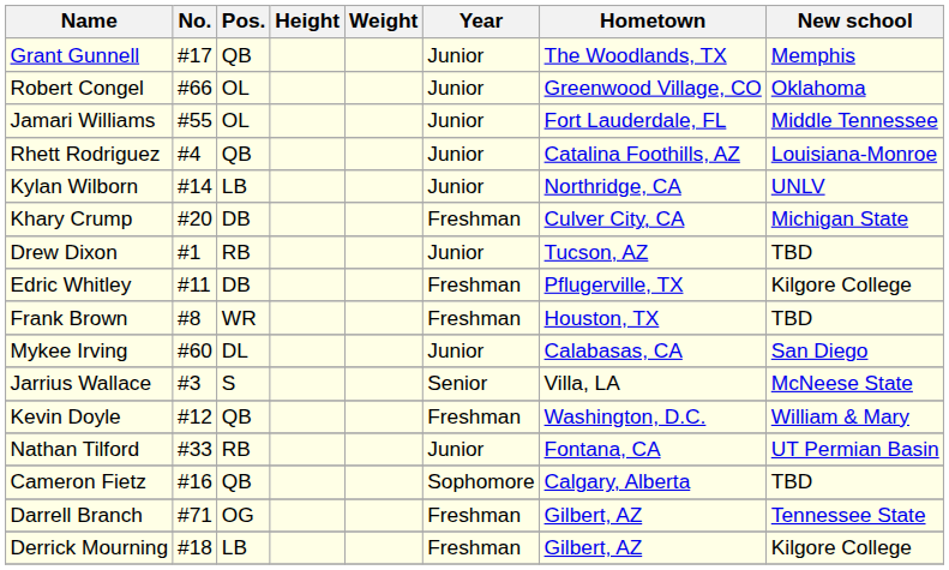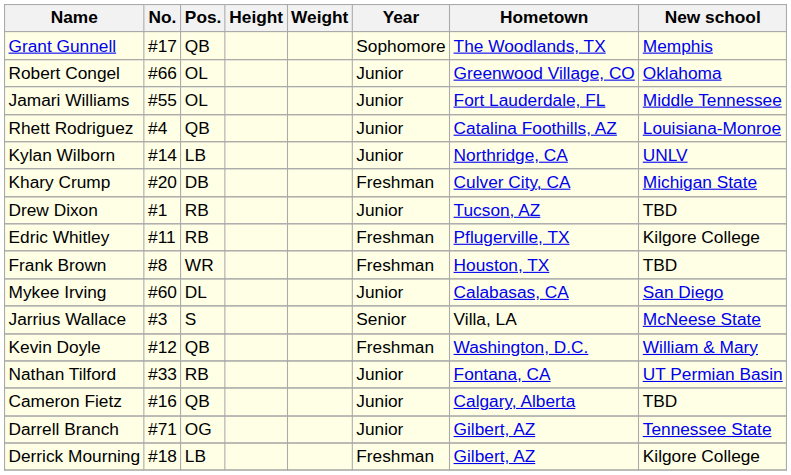 <table class="wikitable sortable">
 <tr>
 <th>Name</th>
 <th>No.</th>
 <th>Pos.</th>
 <th>Height</th>
 <th>Weight</th>
 <th>Year</th>
 <th>Hometown</th>
 <th class="unsortable">New school</th>
 </tr>
 <tr>
 </tr>
 <tr style="background:#FFFFE6;">
 <td><a href='#'>Grant Gunnell</a></td>
 <td>#17</td>
 <td>QB</td>
 <td></td>
 <td></td>
-<td> Junior</td>
+<td>Sophomore</td>
 <td><a href='#'>The Woodlands, TX</a></td>
 <td><a href='#'>Memphis</a></td>
 </tr>
 <tr>
 </tr>
 <tr style="background:#FFFFE6;">
 <td>Robert Congel</td>
 <td>#66</td>
 <td>OL</td>
 <td></td>
 <td></td>
 <td>Junior</td>
 <td><a href='#'>Greenwood Village, CO</a></td>
 <td><a href='#'>Oklahoma</a></td>
 </tr>
 <tr>
 </tr>
 <tr style="background:#FFFFE6;">
 <td>Jamari Williams</td>
 <td>#55</td>
 <td>OL</td>
 <td></td>
 <td></td>
 <td> Junior</td>
 <td><a href='#'>Fort Lauderdale, FL</a></td>
 <td><a href='#'>Middle Tennessee</a></td>
 </tr>
 <tr>
 </tr>
 <tr style="background:#FFFFE6;">
 <td>Rhett Rodriguez</td>
 <td>#4</td>
 <td>QB</td>
 <td></td>
 <td></td>
 <td> Junior</td>
 <td><a href='#'>Catalina Foothills, AZ</a></td>
 <td><a href='#'>Louisiana-Monroe</a></td>
 </tr>
 <tr>
 </tr>
 <tr style="background:#FFFFE6;">
 <td>Kylan Wilborn</td>
 <td>#14</td>
 <td>LB</td>
 <td></td>
 <td></td>
 <td>Junior</td>
 <td><a href='#'>Northridge, CA</a></td>
 <td><a href='#'>UNLV</a></td>
 </tr>
 <tr>
 </tr>
 <tr style="background:#FFFFE6;">
 <td>Khary Crump</td>
 <td>#20</td>
 <td>DB</td>
 <td></td>
 <td></td>
 <td>Freshman</td>
 <td><a href='#'>Culver City, CA</a></td>
 <td><a href='#'>Michigan State</a></td>
 </tr>
 <tr>
 </tr>
 <tr style="background:#FFFFE6;">
 <td>Drew Dixon</td>
 <td>#1</td>
 <td>RB</td>
 <td></td>
 <td></td>
 <td> Junior</td>
 <td><a href='#'>Tucson, AZ</a></td>
 <td>TBD</td>
 </tr>
 <tr>
 </tr>
 <tr style="background:#FFFFE6;">
 <td>Edric Whitley</td>
 <td>#11</td>
-<td>DB</td>
+<td>RB</td>
 <td></td>
 <td></td>
 <td>Freshman</td>
 <td><a href='#'>Pflugerville, TX</a></td>
 <td>Kilgore College</td>
 </tr>
 <tr>
 </tr>
 <tr style="background:#FFFFE6;">
 <td>Frank Brown</td>
 <td>#8</td>
 <td>WR</td>
 <td></td>
 <td></td>
 <td>Freshman</td>
 <td><a href='#'>Houston, TX</a></td>
 <td>TBD</td>
 </tr>
 <tr>
 </tr>
 <tr style="background:#FFFFE6;">
 <td>Mykee Irving</td>
 <td>#60</td>
 <td>DL</td>
 <td></td>
 <td></td>
 <td> Junior</td>
 <td><a href='#'>Calabasas, CA</a></td>
 <td><a href='#'>San Diego</a></td>
 </tr>
 <tr>
 </tr>
 <tr style="background:#FFFFE6;">
 <td>Jarrius Wallace</td>
 <td>#3</td>
 <td>S</td>
 <td></td>
 <td></td>
 <td> Senior</td>
 <td>Villa, LA</td>
 <td><a href='#'>McNeese State</a></td>
 </tr>
 <tr>
 </tr>
 <tr style="background:#FFFFE6;">
 <td>Kevin Doyle</td>
 <td>#12</td>
 <td>QB</td>
 <td></td>
 <td></td>
 <td> Freshman</td>
 <td><a href='#'>Washington, D.C.</a></td>
 <td><a href='#'>William & Mary</a></td>
 </tr>
 <tr>
 </tr>
 <tr style="background:#FFFFE6;">
 <td>Nathan Tilford</td>
 <td>#33</td>
 <td>RB</td>
 <td></td>
 <td></td>
 <td> Junior</td>
 <td><a href='#'>Fontana, CA</a></td>
 <td><a href='#'>UT Permian Basin</a></td>
 </tr>
 <tr>
 </tr>
 <tr style="background:#FFFFE6;">
 <td>Cameron Fietz</td>
 <td>#16</td>
 <td>QB</td>
 <td></td>
 <td></td>
-<td>Sophomore</td>
+<td> Junior</td>
 <td><a href='#'>Calgary, Alberta</a></td>
 <td>TBD</td>
 </tr>
 <tr>
 </tr>
 <tr style="background:#FFFFE6;">
 <td>Darrell Branch</td>
 <td>#71</td>
 <td>OG</td>
 <td></td>
 <td></td>
-<td>Freshman</td>
+<td> Junior</td>
 <td><a href='#'>Gilbert, AZ</a></td>
 <td><a href='#'>Tennessee State</a></td>
 </tr>
 <tr>
 </tr>
 <tr style="background:#FFFFE6;">
 <td>Derrick Mourning</td>
 <td>#18</td>
 <td>LB</td>
 <td></td>
 <td></td>
 <td> Freshman</td>
 <td><a href='#'>Gilbert, AZ</a></td>
 <td>Kilgore College</td>
 </tr>
 <tr>
 </tr>
 </table>
